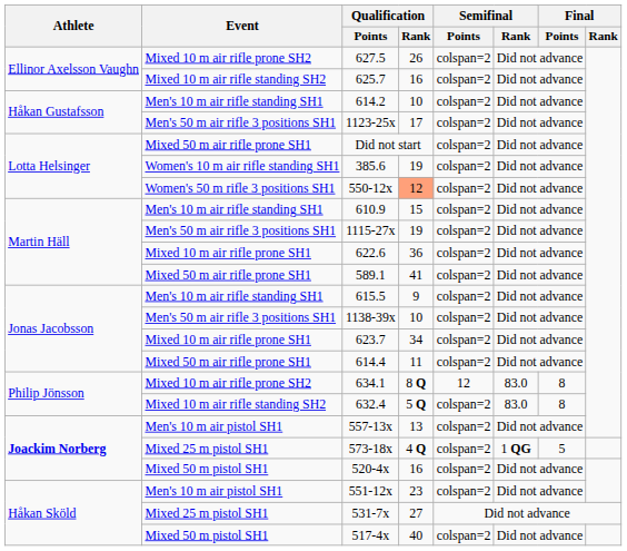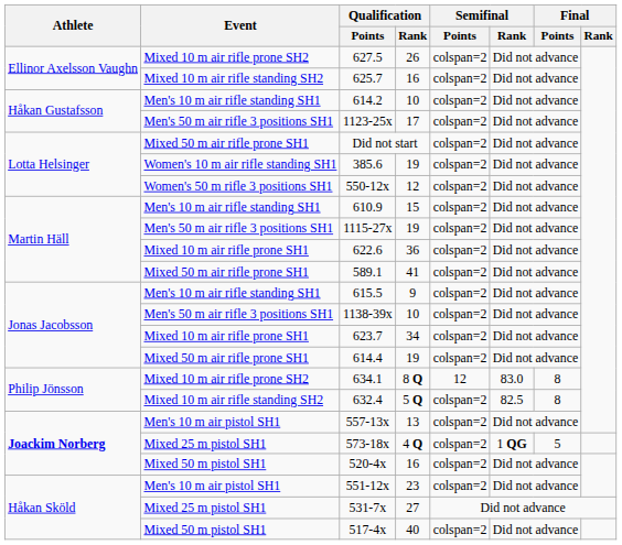 <table class="wikitable" style="font-size:90%">
 <tr>
 <th rowspan="2">Athlete</th>
 <th rowspan="2">Event</th>
 <th colspan=2>Qualification</th>
 <th colspan=2>Semifinal</th>
 <th colspan=2>Final</th>
 </tr>
 <tr style="font-size:95%">
 <th>Points</th>
 <th>Rank</th>
 <th>Points</th>
 <th>Rank</th>
 <th>Points</th>
 <th>Rank</th>
 </tr>
 <tr align=center>
 <td align=left rowspan=2><a href='#'>Ellinor Axelsson Vaughn</a></td>
 <td align=left><a href='#'>Mixed 10 m air rifle prone SH2</a></td>
 <td>627.5</td>
 <td>26</td>
 <td>colspan=2 </td>
 <td colspan=2>Did not advance</td>
 </tr>
 <tr align=center>
 <td align=left><a href='#'>Mixed 10 m air rifle standing SH2</a></td>
 <td>625.7</td>
 <td>16</td>
 <td>colspan=2 </td>
 <td colspan=2>Did not advance</td>
 </tr>
 <tr align=center>
 <td align=left rowspan=2><a href='#'>Håkan Gustafsson</a></td>
 <td align=left><a href='#'>Men's 10 m air rifle standing SH1</a></td>
 <td>614.2</td>
 <td>10</td>
 <td>colspan=2 </td>
 <td colspan=2>Did not advance</td>
 </tr>
 <tr align=center>
 <td align=left><a href='#'>Men's 50 m air rifle 3 positions SH1</a></td>
 <td>1123-25x</td>
 <td>17</td>
 <td>colspan=2 </td>
 <td colspan=2>Did not advance</td>
 </tr>
 <tr align=center>
 <td align=left rowspan=3><a href='#'>Lotta Helsinger</a></td>
 <td align=left><a href='#'>Mixed 50 m air rifle prone SH1</a></td>
 <td colspan=2>Did not start</td>
 <td>colspan=2 </td>
 <td colspan=2>Did not advance</td>
 </tr>
 <tr align=center>
 <td align=left><a href='#'>Women's 10 m air rifle standing SH1</a></td>
 <td>385.6</td>
 <td>19</td>
 <td>colspan=2 </td>
 <td colspan=2>Did not advance</td>
 </tr>
 <tr align=center>
 <td align=left><a href='#'>Women's 50 m rifle 3 positions SH1</a></td>
 <td>550-12x</td>
-<td style="background: lightsalmon;">12</td>
+<td>12</td>
 <td>colspan=2 </td>
 <td colspan=2>Did not advance</td>
 </tr>
 <tr align=center>
 <td align=left rowspan=4><a href='#'>Martin Häll</a></td>
 <td align=left><a href='#'>Men's 10 m air rifle standing SH1</a></td>
 <td>610.9</td>
 <td>15</td>
 <td>colspan=2 </td>
 <td colspan=2>Did not advance</td>
 </tr>
 <tr align=center>
 <td align=left><a href='#'>Men's 50 m air rifle 3 positions SH1</a></td>
 <td>1115-27x</td>
 <td>19</td>
 <td>colspan=2 </td>
 <td colspan=2>Did not advance</td>
 </tr>
 <tr align=center>
 <td align=left><a href='#'>Mixed 10 m air rifle prone SH1</a></td>
 <td>622.6</td>
 <td>36</td>
 <td>colspan=2 </td>
 <td colspan=2>Did not advance</td>
 </tr>
 <tr align=center>
 <td align=left><a href='#'>Mixed 50 m air rifle prone SH1</a></td>
 <td>589.1</td>
 <td>41</td>
 <td>colspan=2 </td>
 <td colspan=2>Did not advance</td>
 </tr>
 <tr align=center>
 <td align=left rowspan=4><a href='#'>Jonas Jacobsson</a></td>
 <td align=left><a href='#'>Men's 10 m air rifle standing SH1</a></td>
 <td>615.5</td>
 <td>9</td>
 <td>colspan=2 </td>
 <td colspan=2>Did not advance</td>
 </tr>
 <tr align=center>
 <td align=left><a href='#'>Men's 50 m air rifle 3 positions SH1</a></td>
 <td>1138-39x</td>
 <td>10</td>
 <td>colspan=2 </td>
 <td colspan=2>Did not advance</td>
 </tr>
 <tr align=center>
 <td align=left><a href='#'>Mixed 10 m air rifle prone SH1</a></td>
 <td>623.7</td>
 <td>34</td>
 <td>colspan=2 </td>
 <td colspan=2>Did not advance</td>
 </tr>
 <tr align=center>
 <td align=left><a href='#'>Mixed 50 m air rifle prone SH1</a></td>
 <td>614.4</td>
-<td>11</td>
+<td>19</td>
 <td>colspan=2 </td>
 <td colspan=2>Did not advance</td>
 </tr>
 <tr align=center>
 <td align=left rowspan=2><a href='#'>Philip Jönsson</a></td>
 <td align=left><a href='#'>Mixed 10 m air rifle prone SH2</a></td>
 <td>634.1</td>
 <td>8 <strong>Q</strong></td>
 <td>12</td>
 <td>83.0</td>
 <td>8</td>
 </tr>
 <tr align=center>
 <td align=left><a href='#'>Mixed 10 m air rifle standing SH2</a></td>
 <td>632.4</td>
 <td>5 <strong>Q</strong></td>
 <td>colspan=2 </td>
-<td>83.0</td>
+<td>82.5</td>
 <td>8</td>
 </tr>
 <tr align=center>
 <td align=left rowspan=3><strong><a href='#'>Joackim Norberg</a></strong></td>
 <td align=left><a href='#'>Men's 10 m air pistol SH1</a></td>
 <td>557-13x</td>
 <td>13</td>
 <td>colspan=2 </td>
 <td colspan=2>Did not advance</td>
 </tr>
 <tr align=center>
 <td align=left><a href='#'>Mixed 25 m pistol SH1</a></td>
 <td>573-18x</td>
 <td>4 <strong>Q</strong></td>
 <td>colspan=2 </td>
 <td>1 <strong>QG</strong></td>
 <td>5</td>
 <td></td>
 </tr>
 <tr align=center>
 <td align=left><a href='#'>Mixed 50 m pistol SH1</a></td>
 <td>520-4x</td>
 <td>16</td>
 <td>colspan=2 </td>
 <td colspan=2>Did not advance</td>
 </tr>
 <tr align=center>
 <td align=left rowspan=3><a href='#'>Håkan Sköld</a></td>
 <td align=left><a href='#'>Men's 10 m air pistol SH1</a></td>
 <td>551-12x</td>
 <td>23</td>
 <td>colspan=2 </td>
 <td colspan=2>Did not advance</td>
 </tr>
 <tr align=center>
 <td align=left><a href='#'>Mixed 25 m pistol SH1</a></td>
 <td>531-7x</td>
 <td>27</td>
 <td colspan=4>Did not advance</td>
 </tr>
 <tr align=center>
 <td align=left><a href='#'>Mixed 50 m pistol SH1</a></td>
 <td>517-4x</td>
 <td>40</td>
 <td>colspan=2 </td>
 <td colspan=2>Did not advance</td>
 </tr>
 </table>
